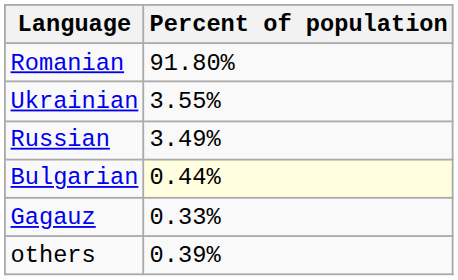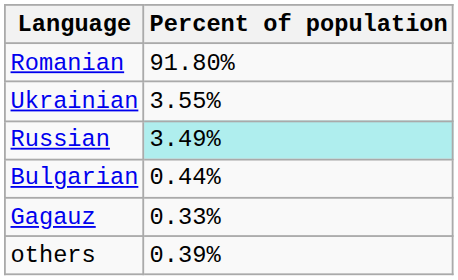 <table class="wikitable">
 <tr>
 <th>Language</th>
 <th>Percent of population</th>
 </tr>
 <tr>
 <td><a href='#'>Romanian</a></td>
 <td>91.80%</td>
 </tr>
 <tr>
 <td><a href='#'>Ukrainian</a></td>
 <td>3.55%</td>
 </tr>
 <tr>
 <td><a href='#'>Russian</a></td>
-<td>3.49%</td>
+<td style="background: paleturquoise;">3.49%</td>
 </tr>
 <tr>
 <td><a href='#'>Bulgarian</a></td>
-<td style="background: lightyellow;">0.44%</td>
+<td>0.44%</td>
 </tr>
 <tr>
 <td><a href='#'>Gagauz</a></td>
 <td>0.33%</td>
 </tr>
 <tr>
 <td>others</td>
 <td>0.39%</td>
 </tr>
 </table>
